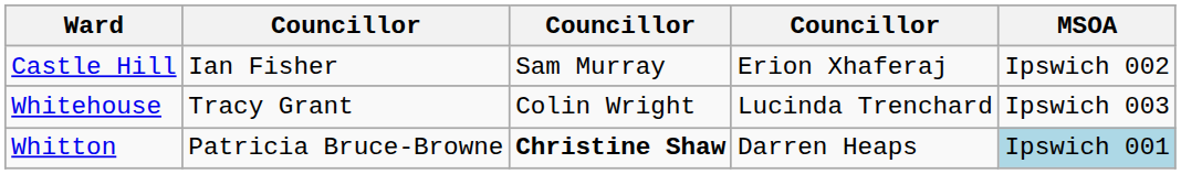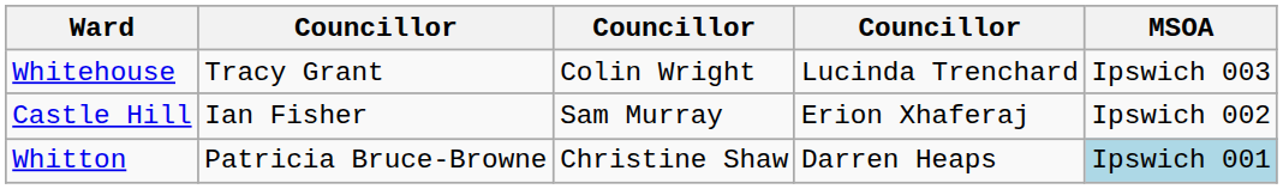 <table class="wikitable">
 <tr>
 <th>Ward</th>
 <th>Councillor</th>
 <th>Councillor</th>
 <th>Councillor</th>
 <th>MSOA</th>
 </tr>
 <tr>
+<td><a href='#'>Whitehouse</a></td>
+<td ! style="background-color:">Tracy Grant</td>
+<td ! style="background-color:">Colin Wright</td>
+<td ! style="background-color:">Lucinda Trenchard</td>
+<td>Ipswich 003</td>
+</tr>
+<tr>
 <td><a href='#'>Castle Hill</a></td>
 <td ! style="background-color:">Ian Fisher</td>
 <td ! style="background-color:">Sam Murray</td>
 <td ! style="background-color:">Erion Xhaferaj</td>
 <td>Ipswich 002</td>
 </tr>
 <tr>
-<td><a href='#'>Whitehouse</a></td>
-<td ! style="background-color:">Tracy Grant</td>
-<td ! style="background-color:">Colin Wright</td>
-<td ! style="background-color:">Lucinda Trenchard</td>
-<td>Ipswich 003</td>
-</tr>
-<tr>
 <td><a href='#'>Whitton</a></td>
 <td ! style="background-color:">Patricia Bruce-Browne</td>
-<td ! style="background-color:"><strong>Christine Shaw</strong></td>
+<td ! style="background-color:">Christine Shaw</td>
 <td ! style="background-color:">Darren Heaps</td>
 <td style="background: lightblue;">Ipswich 001</td>
 </tr>
 </table>
